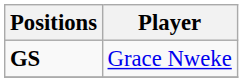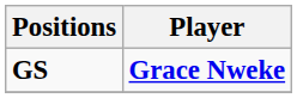 <table class="wikitable collapsible">
 <tr>
 <th>Positions</th>
 <th>Player</th>
 </tr>
 <tr>
 <td><strong>GS</strong></td>
-<td><a href='#'>Grace Nweke</a></td>
+<td><strong><a href='#'>Grace Nweke</a></strong></td>
 </tr>
 <tr>
 </tr>
 </table>
